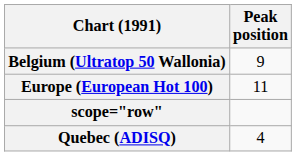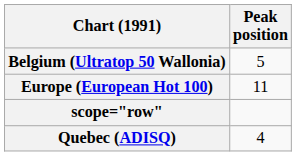 <table class="wikitable sortable plainrowheaders">
 <tr>
 <th>Chart (1991)</th>
 <th>Peak<br>position</th>
 </tr>
 <tr>
 <th scope="row">Belgium (<a href='#'>Ultratop 50</a> Wallonia)</th>
-<td align="center">9</td>
+<td align="center">5</td>
 </tr>
 <tr>
 <th scope="row">Europe (<a href='#'>European Hot 100</a>)</th>
 <td align="center">11</td>
 </tr>
 <tr>
 <th>scope="row"</th>
 </tr>
 <tr>
 <th scope="row">Quebec (<a href='#'>ADISQ</a>)</th>
 <td align="center">4</td>
 </tr>
 </table>
